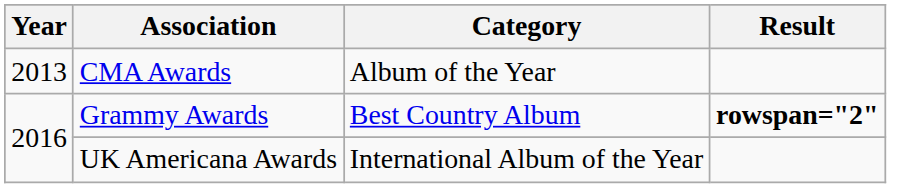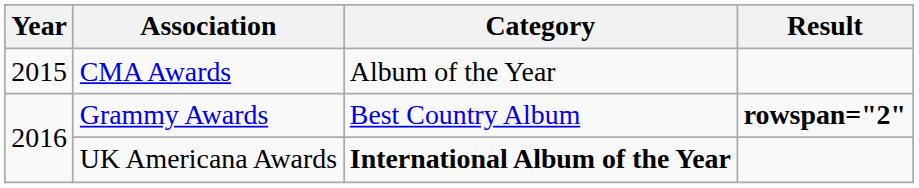 <table class="wikitable plainrowheaders">
 <tr>
 <th>Year</th>
 <th>Association</th>
 <th>Category</th>
 <th>Result</th>
 </tr>
 <tr>
-<td rowspan="1">2013</td>
+<td rowspan="1">2015</td>
 <td rowspan="1"><a href='#'>CMA Awards</a></td>
 <td>Album of the Year</td>
 <td></td>
 </tr>
 <tr>
 <td rowspan="2">2016</td>
 <td rowspan="1"><a href='#'>Grammy Awards</a></td>
 <td><a href='#'>Best Country Album</a></td>
 <td><strong>rowspan="2" </strong></td>
 </tr>
 <tr>
 <td>UK Americana Awards</td>
-<td>International Album of the Year</td>
+<td><strong>International Album of the Year</strong></td>
 </tr>
 </table>
